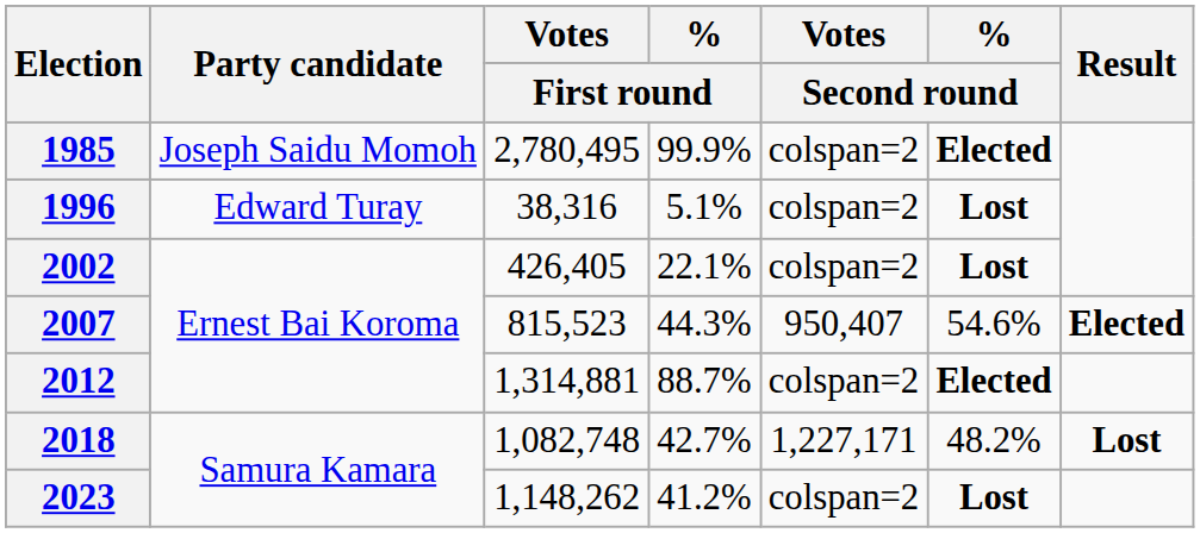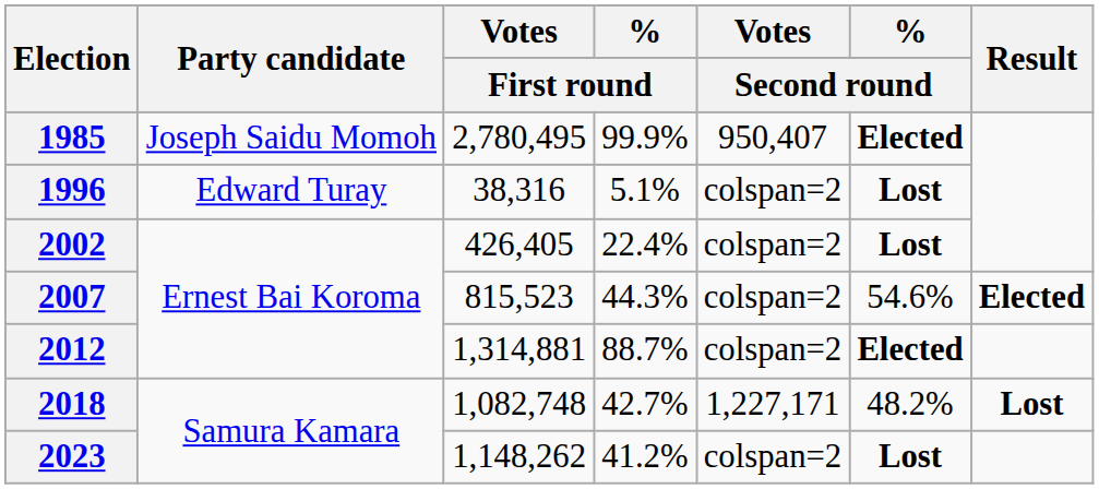 <table class="wikitable" style="text-align:center">
 <tr>
 <th rowspan="2">Election</th>
 <th rowspan="2">Party candidate</th>
 <th>Votes</th>
 <th>%</th>
 <th>Votes</th>
 <th>%</th>
 <th rowspan="2">Result</th>
 </tr>
 <tr>
 <th colspan="2">First round</th>
 <th colspan="2">Second round</th>
 </tr>
 <tr>
 <th><a href='#'>1985</a></th>
 <td><a href='#'>Joseph Saidu Momoh</a></td>
 <td>2,780,495</td>
 <td>99.9%</td>
-<td>colspan=2 </td>
+<td>950,407</td>
 <td><strong>Elected</strong> </td>
 </tr>
 <tr>
 <th><a href='#'>1996</a></th>
 <td><a href='#'>Edward Turay</a></td>
 <td>38,316</td>
 <td>5.1%</td>
 <td>colspan=2 </td>
 <td><strong>Lost</strong> </td>
 </tr>
 <tr>
 <th><a href='#'>2002</a></th>
 <td rowspan="3"><a href='#'>Ernest Bai Koroma</a></td>
 <td>426,405</td>
-<td>22.1%</td>
+<td>22.4%</td>
 <td>colspan=2 </td>
 <td><strong>Lost</strong> </td>
 </tr>
 <tr>
 <th><a href='#'>2007</a></th>
 <td>815,523</td>
 <td>44.3%</td>
-<td>950,407</td>
+<td>colspan=2 </td>
 <td>54.6%</td>
 <td><strong>Elected</strong> </td>
 </tr>
 <tr>
 <th><a href='#'>2012</a></th>
 <td>1,314,881</td>
 <td>88.7%</td>
 <td>colspan=2 </td>
 <td><strong>Elected</strong> </td>
 </tr>
 <tr>
 <th><a href='#'>2018</a></th>
 <td rowspan=2><a href='#'>Samura Kamara</a></td>
 <td>1,082,748</td>
 <td>42.7%</td>
 <td>1,227,171</td>
 <td>48.2%</td>
 <td><strong>Lost</strong> </td>
 </tr>
 <tr>
 <th><a href='#'>2023</a></th>
 <td>1,148,262</td>
 <td>41.2%</td>
 <td>colspan=2 </td>
 <td><strong>Lost</strong> </td>
 </tr>
 </table>
